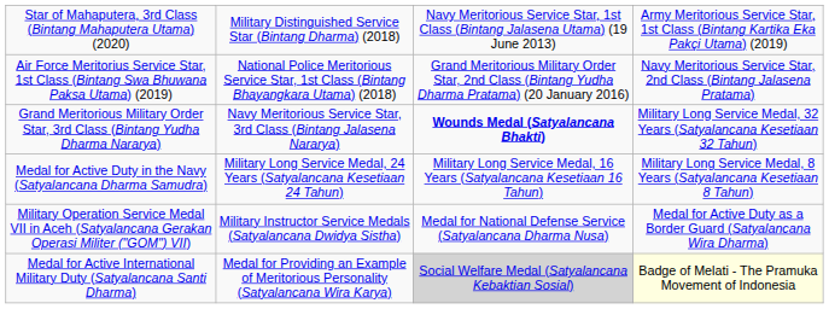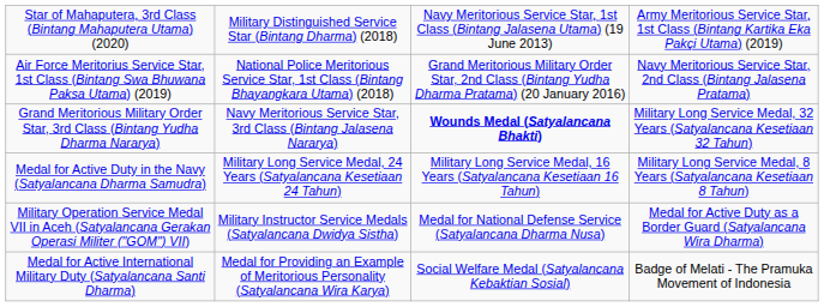 <table class="wikitable" width="80%" style="margin:1em auto; text-align:center;">
 <tr>
 <td colspan="1"><a href='#'>Star of Mahaputera, 3rd Class (<em>Bintang Mahaputera Utama</em>)</a> (2020)</td>
 <td colspan="1"><a href='#'>Military Distinguished Service Star (<em>Bintang Dharma</em>)</a> (2018)</td>
 <td colspan="1"><a href='#'>Navy Meritorious Service Star, 1st Class (<em>Bintang Jalasena Utama</em>)</a> (19 June 2013)</td>
 <td colspan="1"><a href='#'>Army Meritorious Service Star, 1st Class (<em>Bintang Kartika Eka Pakçi Utama</em>)</a> (2019)</td>
 </tr>
 <tr>
 <td colspan="1"><a href='#'>Air Force Meritorius Service Star, 1st Class (<em>Bintang Swa Bhuwana Paksa Utama</em>)</a> (2019)</td>
 <td colspan="1"><a href='#'>National Police Meritorious Service Star, 1st Class (<em>Bintang Bhayangkara Utama</em>)</a> (2018)</td>
 <td colspan="1"><a href='#'>Grand Meritorious Military Order Star, 2nd Class (<em>Bintang Yudha Dharma Pratama</em>)</a> (20 January 2016)</td>
 <td colspan="1"><a href='#'>Navy Meritorious Service Star, 2nd Class (<em>Bintang Jalasena Pratama</em>)</a></td>
 </tr>
 <tr>
 <td colspan="1"><a href='#'>Grand Meritorious Military Order Star, 3rd Class (<em>Bintang Yudha Dharma Nararya</em>)</a></td>
 <td colspan="1"><a href='#'>Navy Meritorious Service Star, 3rd Class (<em>Bintang Jalasena Nararya</em>)</a></td>
 <td colspan="1"><strong><a href='#'>Wounds Medal (<em>Satyalancana Bhakti</em>)</a></strong></td>
 <td colspan="1"><a href='#'>Military Long Service Medal, 32 Years (<em>Satyalancana Kesetiaan 32 Tahun</em>)</a></td>
 </tr>
 <tr>
 <td colspan="1"><a href='#'>Medal for Active Duty in the Navy (<em>Satyalancana Dharma Samudra</em>)</a></td>
 <td colspan="1"><a href='#'>Military Long Service Medal, 24 Years (<em>Satyalancana Kesetiaan 24 Tahun</em>)</a></td>
 <td colspan="1"><a href='#'>Military Long Service Medal, 16 Years (<em>Satyalancana Kesetiaan 16 Tahun</em>)</a></td>
 <td colspan="1"><a href='#'>Military Long Service Medal, 8 Years (<em>Satyalancana Kesetiaan 8 Tahun</em>)</a></td>
 </tr>
 <tr>
 <td colspan="1"><a href='#'>Military Operation Service Medal VII in Aceh (<em>Satyalancana Gerakan Operasi Militer ("GOM") VII</em>)</a></td>
 <td colspan="1"><a href='#'>Military Instructor Service Medals (<em>Satyalancana Dwidya Sistha</em>)</a></td>
 <td colspan="1"><a href='#'>Medal for National Defense Service (<em>Satyalancana Dharma Nusa</em>)</a></td>
 <td colspan="1"><a href='#'>Medal for Active Duty as a Border Guard (<em>Satyalancana Wira Dharma</em>)</a></td>
 </tr>
 <tr>
 <td colspan="1"><a href='#'>Medal for Active International Military Duty (<em>Satyalancana Santi Dharma</em>)</a></td>
 <td colspan="1"><a href='#'>Medal for Providing an Example of Meritorious Personality (<em>Satyalancana Wira Karya</em>)</a></td>
-<td colspan="1" style="background: lightgrey;"><a href='#'>Social Welfare Medal (<em>Satyalancana Kebaktian Sosial</em>)</a></td>
-<td colspan="1" style="background: lightyellow;">Badge of Melati - The Pramuka Movement of Indonesia</td>
+<td colspan="1"><a href='#'>Social Welfare Medal (<em>Satyalancana Kebaktian Sosial</em>)</a></td>
+<td colspan="1">Badge of Melati - The Pramuka Movement of Indonesia</td>
 </tr>
 </table>
